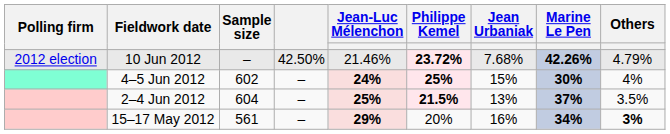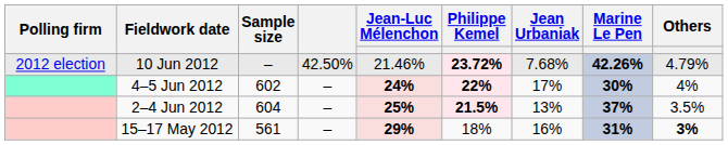 <table class="wikitable sortable" style="text-align:center;font-size:90%;line-height:14px;">
 <tr style="height:40px;">
 <th style="width:100px;" rowspan="2">Polling firm</th>
 <th style="width:110px;" rowspan="2">Fieldwork date</th>
 <th style="width:35px;" rowspan="2">Sample<br>size</th>
 <th style="width:30px;" rowspan="2"></th>
 <th class="unsortable" style="width:60px;"><a href='#'>Jean-Luc Mélenchon</a><br></th>
 <th class="unsortable" style="width:60px;"><a href='#'>Philippe Kemel</a><br></th>
 <th class="unsortable" style="width:60px;"><a href='#'>Jean Urbaniak</a><br></th>
 <th class="unsortable" style="width:60px;"><a href='#'>Marine Le Pen</a><br></th>
 <th class="unsortable" style="width:60px;">Others</th>
 </tr>
 <tr>
 <th style="background:"></th>
 <th style="background:"></th>
 <th style="background:"></th>
 <th style="background:"></th>
 <th style="background:"></th>
 </tr>
 <tr style="background:#E9E9E9;">
 <td><a href='#'>2012 election</a></td>
 <td data-sort-value="2012-06-10">10 Jun 2012</td>
 <td>–</td>
 <td>42.50%</td>
 <td>21.46%</td>
 <td style="background:#FFE6EC;"><strong>23.72%</strong></td>
 <td>7.68%</td>
 <td style="background:#C1CCE1;"><strong>42.26%</strong></td>
 <td>4.79%</td>
 </tr>
 <tr>
 <td style="background:aquamarine;"></td>
 <td data-sort-value="2012-06-05">4–5 Jun 2012</td>
 <td>602</td>
 <td>–</td>
 <td style="background:#FADEDE;"><strong>24%</strong></td>
-<td style="background:#FFE6EC;"><strong>25%</strong></td>
-<td>15%</td>
+<td style="background:#FFE6EC;"><strong>22%</strong></td>
+<td>17%</td>
 <td style="background:#C1CCE1;"><strong>30%</strong></td>
 <td>4%</td>
 </tr>
 <tr>
 <td style="background:#FFCCCC;"></td>
 <td data-sort-value="2012-06-04">2–4 Jun 2012</td>
 <td>604</td>
 <td>–</td>
 <td style="background:#FADEDE;"><strong>25%</strong></td>
 <td style="background:#FFE6EC;"><strong>21.5%</strong></td>
 <td>13%</td>
 <td style="background:#C1CCE1;"><strong>37%</strong></td>
 <td>3.5%</td>
 </tr>
 <tr>
 <td style="background:#FFCCCC;"></td>
 <td data-sort-value="2012-05-17">15–17 May 2012</td>
 <td>561</td>
 <td>–</td>
 <td style="background:#FADEDE;"><strong>29%</strong></td>
-<td>20%</td>
+<td>18%</td>
 <td>16%</td>
-<td style="background:#C1CCE1;"><strong>34%</strong></td>
+<td style="background:#C1CCE1;"><strong>31%</strong></td>
 <td><strong>3%</strong></td>
 </tr>
 </table>
